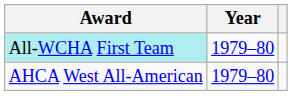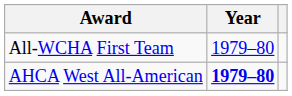 <table class="wikitable">
 <tr>
 <th>Award</th>
 <th>Year</th>
 <th></th>
 </tr>
 <tr>
-<td style="background: paleturquoise;">All-<a href='#'>WCHA</a> <a href='#'>First Team</a></td>
+<td>All-<a href='#'>WCHA</a> <a href='#'>First Team</a></td>
 <td><a href='#'>1979–80</a></td>
 <td></td>
 </tr>
 <tr>
 <td><a href='#'>AHCA</a> <a href='#'>West All-American</a></td>
-<td><a href='#'>1979–80</a></td>
+<td><strong><a href='#'>1979–80</a></strong></td>
 <td></td>
 </tr>
 </table>
